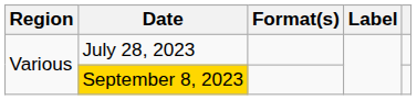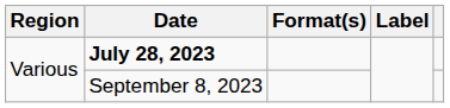 <table class="wikitable plainrowheaders">
 <tr>
 <th scope="col">Region</th>
 <th scope="col">Date</th>
 <th scope="col">Format(s)</th>
 <th scope="col">Label</th>
 <th scope="col"></th>
 </tr>
 <tr>
 <td rowspan="2">Various</td>
-<td>July 28, 2023</td>
+<td><strong>July 28, 2023</strong></td>
 <td></td>
 <td rowspan="2"></td>
 <td style="text-align:center"></td>
 </tr>
 <tr>
-<td style="background: gold;">September 8, 2023</td>
+<td>September 8, 2023</td>
 <td></td>
 <td style="text-align:center"></td>
 </tr>
 </table>
